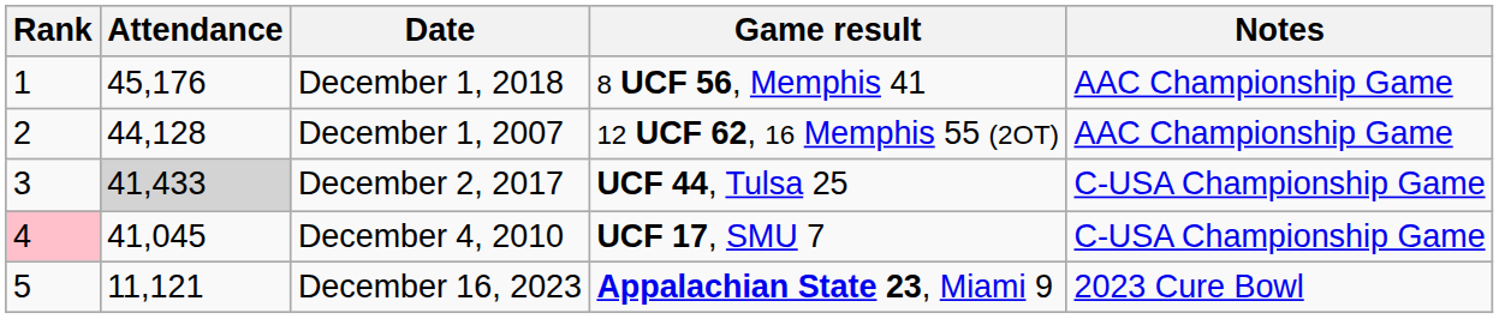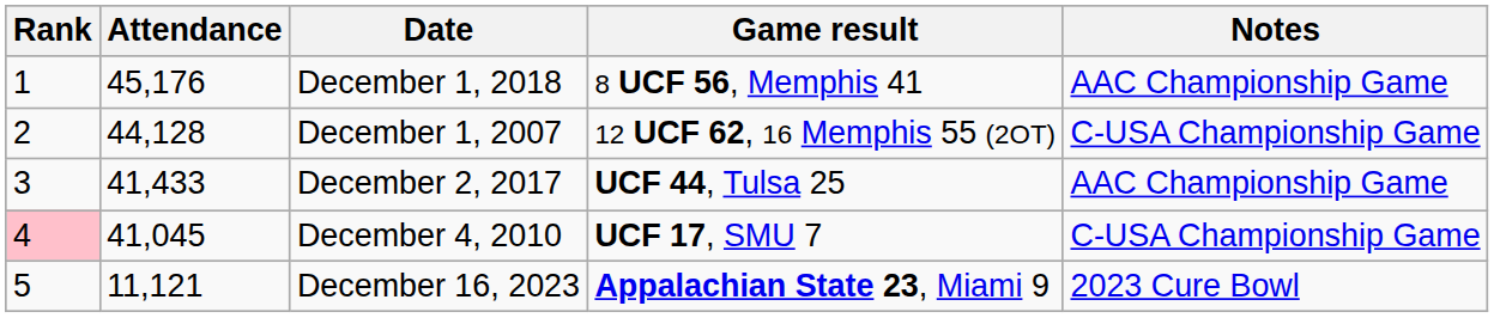 <table class="wikitable sortable">
 <tr>
 <th>Rank</th>
 <th>Attendance</th>
 <th>Date</th>
 <th>Game result</th>
 <th>Notes</th>
 </tr>
 <tr>
 <td>1</td>
 <td>45,176</td>
 <td>December 1, 2018</td>
 <td><small>8</small> <strong>UCF 56</strong>, <a href='#'>Memphis</a> 41</td>
 <td><a href='#'>AAC Championship Game</a></td>
 </tr>
 <tr>
 <td>2</td>
 <td>44,128</td>
 <td>December 1, 2007</td>
 <td><small>12</small> <strong>UCF 62</strong>, <small>16</small> <a href='#'>Memphis</a> 55 <small>(2OT)</small></td>
-<td><a href='#'>AAC Championship Game</a></td>
+<td><a href='#'>C-USA Championship Game</a></td>
 </tr>
 <tr>
 <td>3</td>
-<td style="background: lightgrey;">41,433</td>
+<td>41,433</td>
 <td>December 2, 2017</td>
 <td><strong>UCF 44</strong>, <a href='#'>Tulsa</a> 25</td>
-<td><a href='#'>C-USA Championship Game</a></td>
+<td><a href='#'>AAC Championship Game</a></td>
 </tr>
 <tr>
 <td style="background: pink;">4</td>
 <td>41,045</td>
 <td>December 4, 2010</td>
 <td><strong>UCF 17</strong>, <a href='#'>SMU</a> 7</td>
 <td><a href='#'>C-USA Championship Game</a></td>
 </tr>
 <tr>
 <td>5</td>
 <td>11,121</td>
 <td>December 16, 2023</td>
 <td><strong><a href='#'>Appalachian State</a> 23</strong>, <a href='#'>Miami</a> 9</td>
 <td><a href='#'>2023 Cure Bowl</a></td>
 </tr>
 </table>
